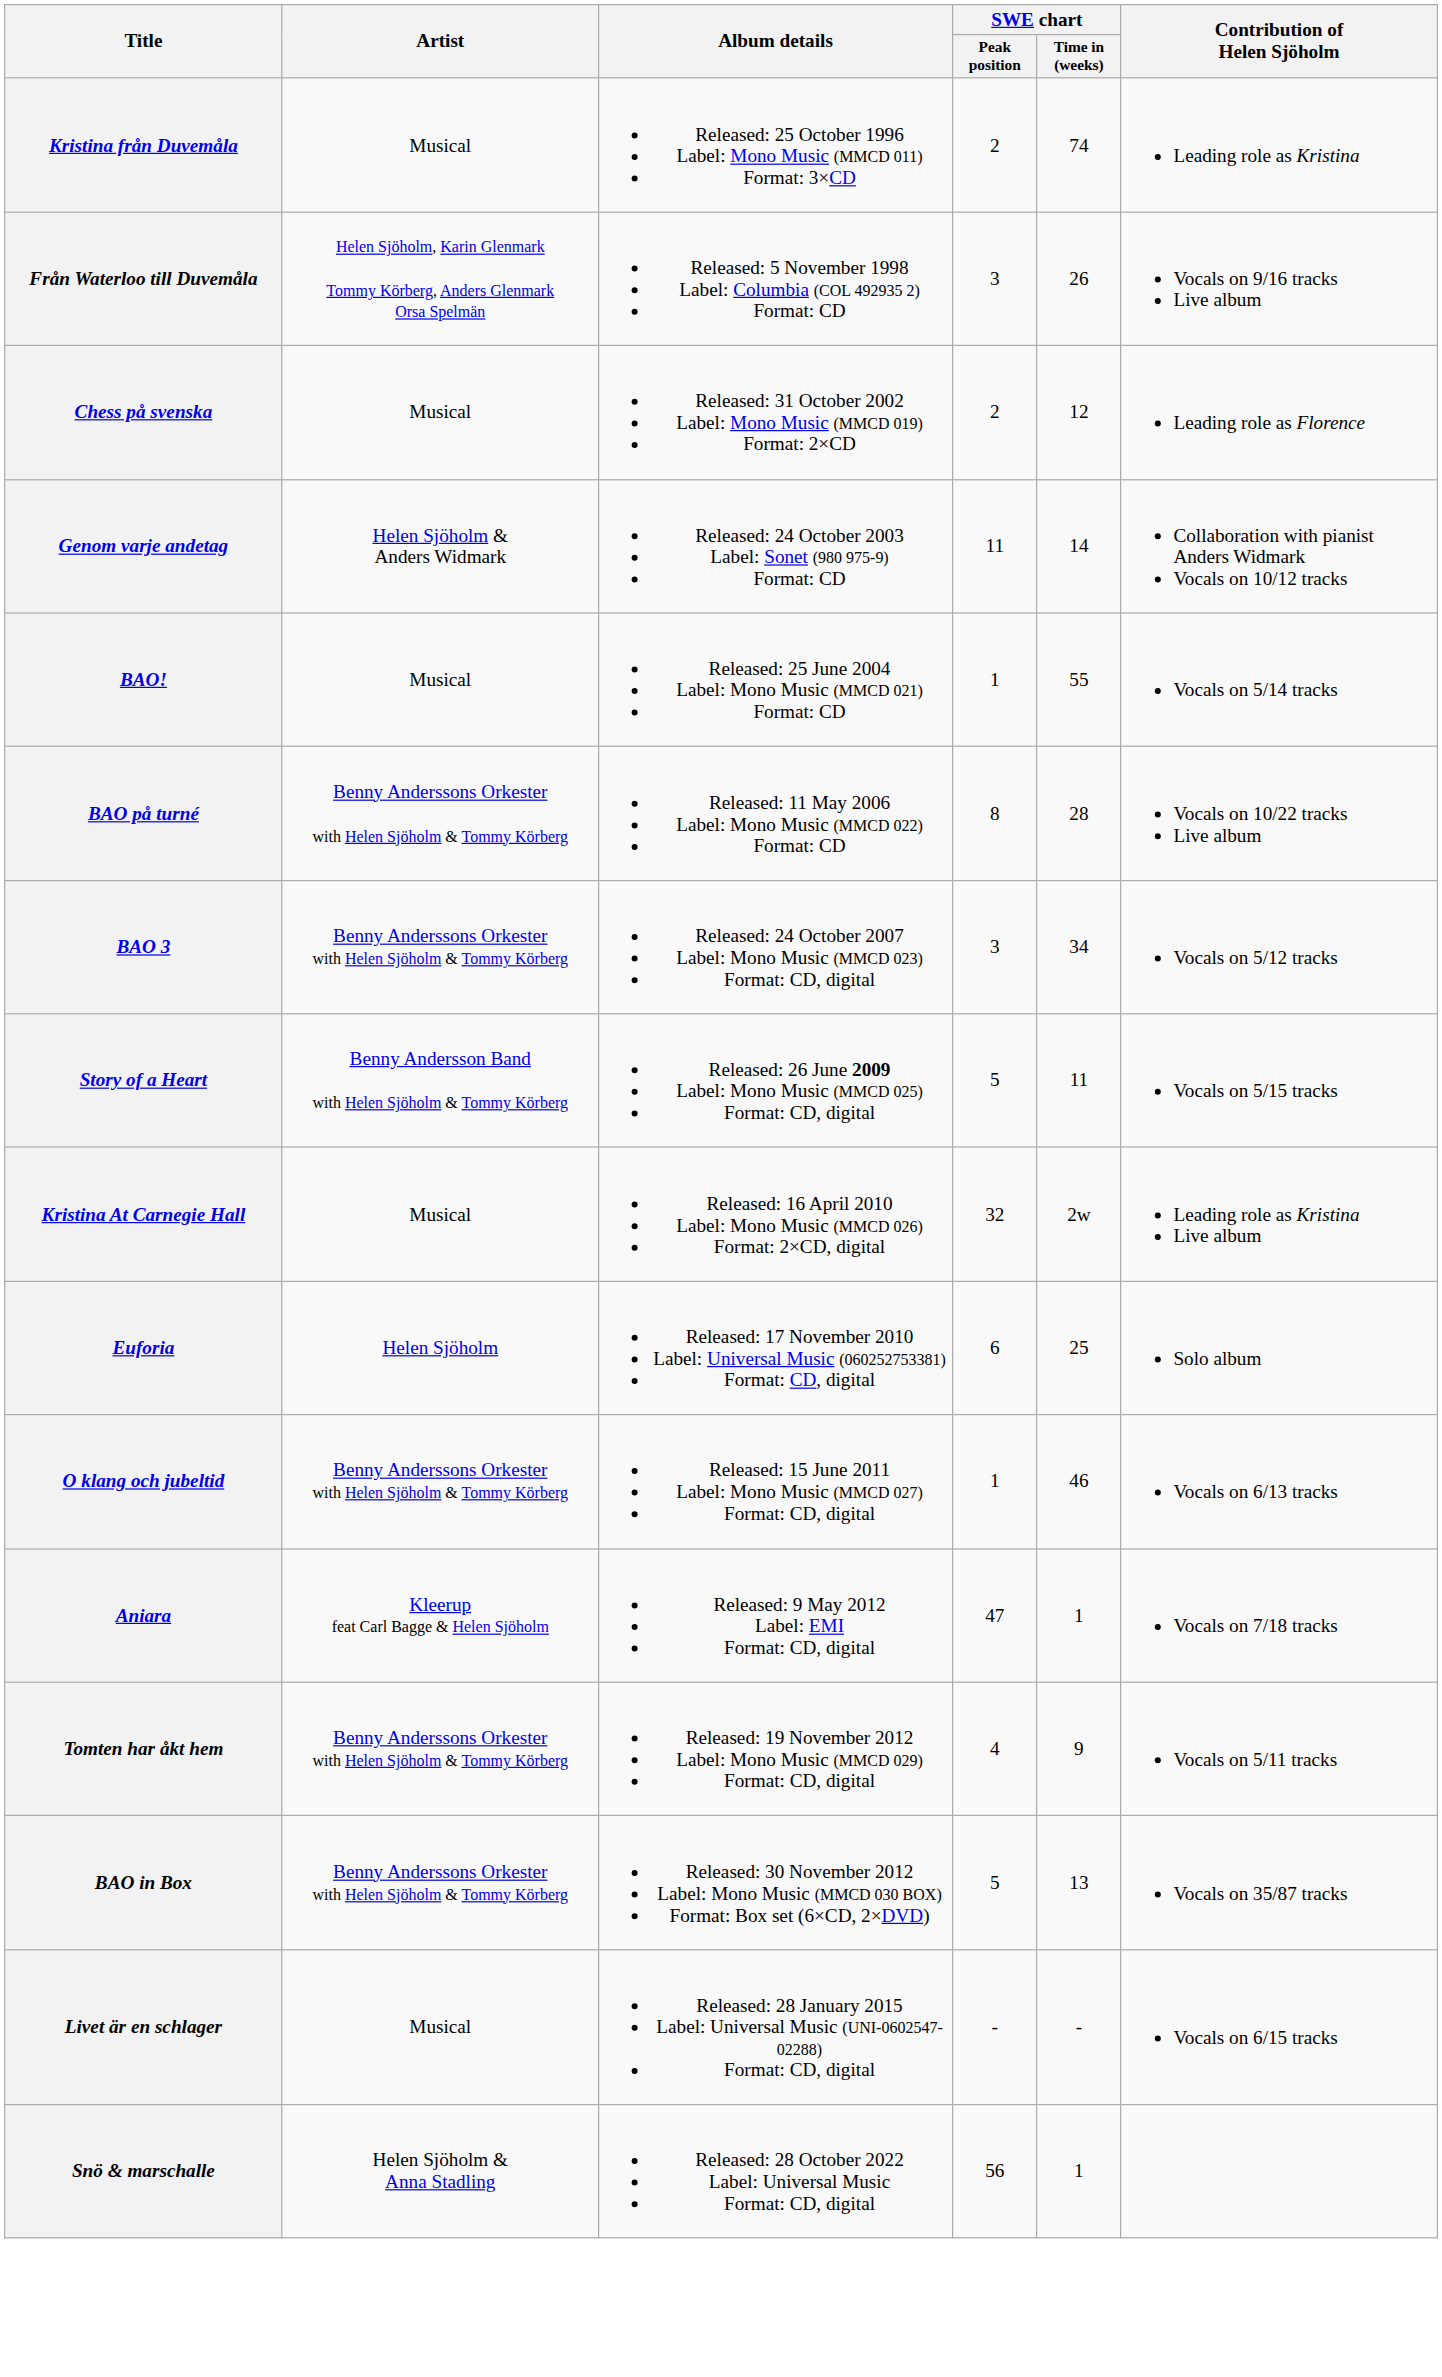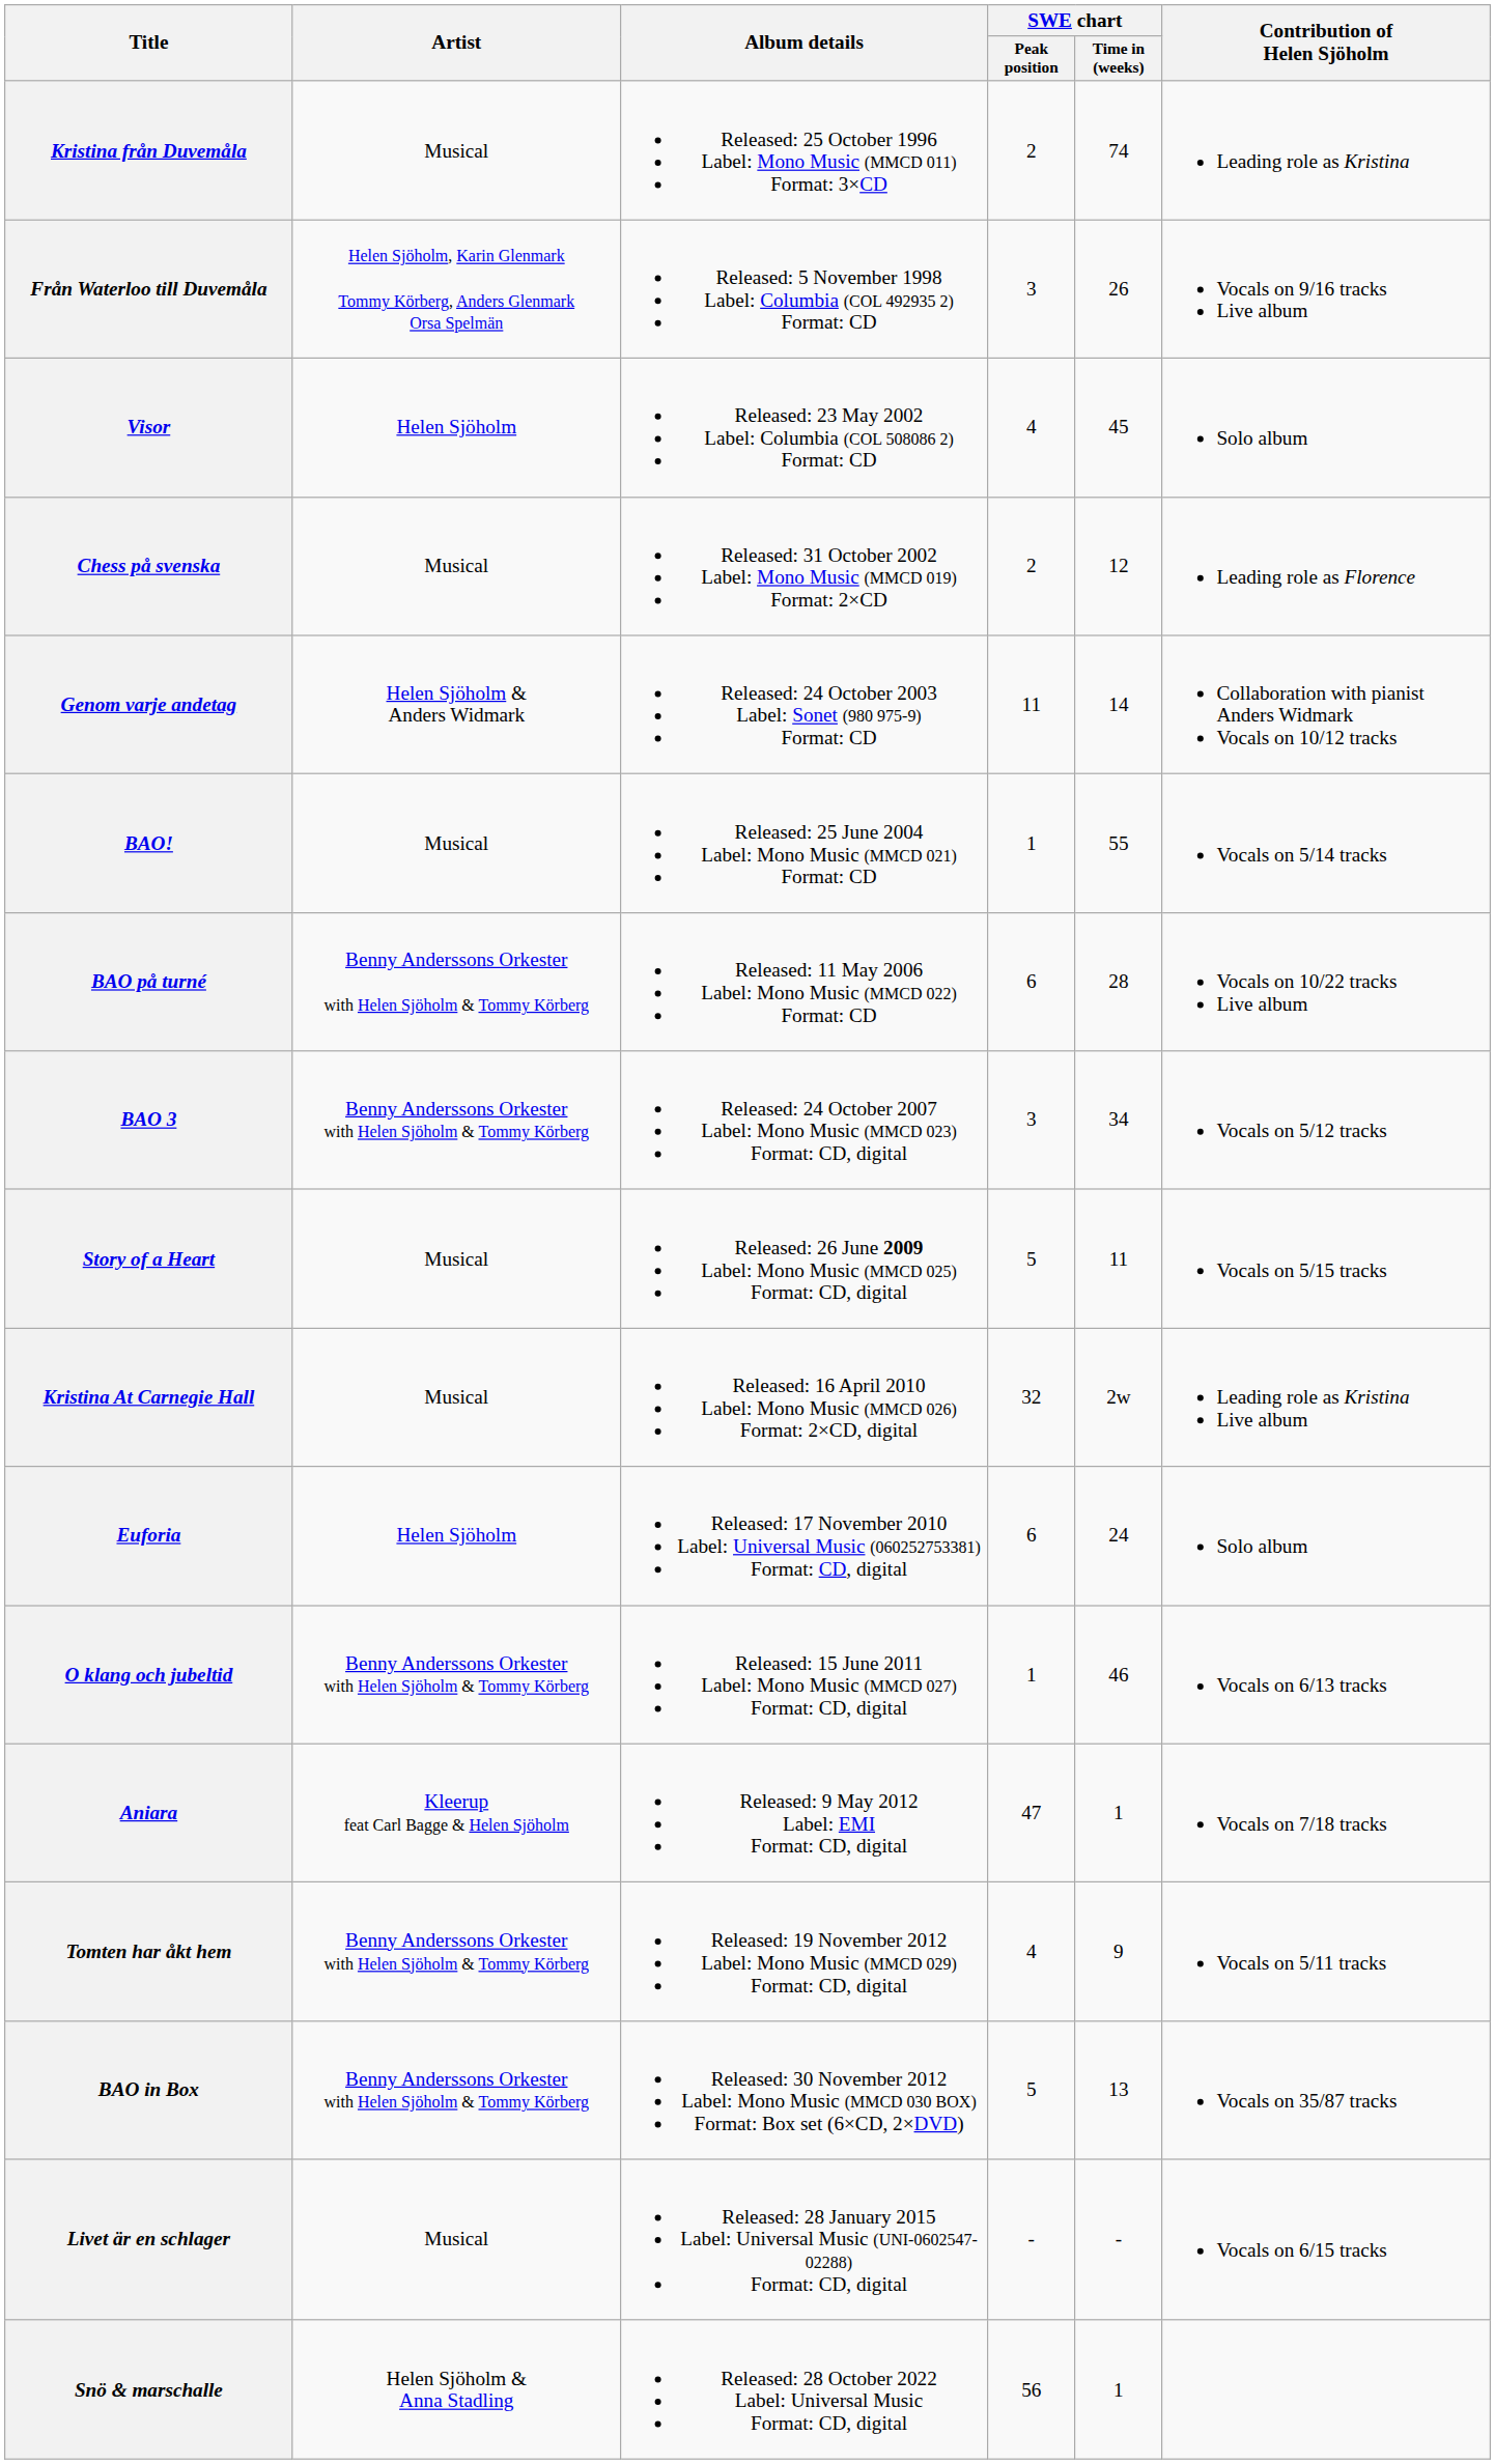 <table class="wikitable plainrowheaders" style="text-align:center;" border="1">
 <tr>
 <th scope="col" rowspan="2" style="width:14em;">Title</th>
 <th scope="col" rowspan="2" style="width:16em;">Artist</th>
 <th scope="col" rowspan="2" style="width:18em;">Album details</th>
 <th scope="col" colspan="2"><a href='#'>SWE</a> chart</th>
 <th scope="col" rowspan="2" style="width:16em;">Contribution of<br>Helen Sjöholm</th>
 </tr>
 <tr>
 <th scope="col" style="width:5em;font-size:80%;">Peak position</th>
 <th scope="col" style="width:5em;font-size:80%;">Time in<br>(weeks)</th>
 </tr>
 <tr>
 <th scope="row"><em><a href='#'>Kristina från Duvemåla</a></em></th>
 <td>Musical</td>
 <td><br><ul><li>Released: 25 October 1996</li><li>Label: <a href='#'>Mono Music</a> <small>(MMCD 011)</small></li><li>Format: 3×<a href='#'>CD</a></li></ul></td>
 <td>2</td>
 <td>74</td>
 <td style="text-align:left;"><br><ul><li>Leading role as <em>Kristina</em></li></ul></td>
 </tr>
 <tr>
 <th scope="row"><em>Från Waterloo till Duvemåla</em></th>
 <td><small><a href='#'>Helen Sjöholm</a>, <a href='#'>Karin Glenmark</a></small><br><br><small><a href='#'>Tommy Körberg</a>, <a href='#'>Anders Glenmark</a></small><br> <small><a href='#'>Orsa Spelmän</a></small></td>
 <td><br><ul><li>Released: 5 November 1998</li><li>Label: <a href='#'>Columbia</a> <small>(COL 492935 2)</small></li><li>Format: CD</li></ul></td>
 <td>3</td>
 <td>26</td>
 <td style="text-align:left;"><br><ul><li>Vocals on 9/16 tracks</li><li>Live album</li></ul></td>
 </tr>
 <tr>
+<th scope="row"><em><a href='#'>Visor</a></em></th>
+<td><a href='#'>Helen Sjöholm</a></td>
+<td><br><ul><li>Released: 23 May 2002</li><li>Label: Columbia <small>(COL 508086 2)</small></li><li>Format: CD</li></ul></td>
+<td>4</td>
+<td>45</td>
+<td style="text-align:left;"><br><ul><li>Solo album</li></ul></td>
+</tr>
+<tr>
 <th scope="row"><em><a href='#'>Chess på svenska</a></em></th>
 <td>Musical</td>
 <td><br><ul><li>Released: 31 October 2002</li><li>Label: <a href='#'>Mono Music</a> <small>(MMCD 019)</small></li><li>Format: 2×CD</li></ul></td>
 <td>2</td>
 <td>12</td>
 <td style="text-align:left;"><br><ul><li>Leading role as <em>Florence</em></li></ul></td>
 </tr>
 <tr>
 <th scope="row"><em><a href='#'>Genom varje andetag</a></em></th>
 <td><a href='#'>Helen Sjöholm</a> & <br> Anders Widmark</td>
 <td><br><ul><li>Released: 24 October 2003</li><li>Label: <a href='#'>Sonet</a> <small>(980 975-9)</small></li><li>Format: CD</li></ul></td>
 <td>11</td>
 <td>14</td>
 <td style="text-align:left;"><br><ul><li>Collaboration with pianist Anders Widmark</li><li>Vocals on 10/12 tracks</li></ul></td>
 </tr>
 <tr>
 <th scope="row"><em><a href='#'>BAO!</a></em></th>
 <td>Musical</td>
 <td><br><ul><li>Released: 25 June 2004</li><li>Label: Mono Music <small>(MMCD 021)</small></li><li>Format: CD</li></ul></td>
 <td>1</td>
 <td>55</td>
 <td style="text-align:left;"><br><ul><li>Vocals on 5/14 tracks</li></ul></td>
 </tr>
 <tr>
 <th scope="row"><em><a href='#'>BAO på turné</a></em></th>
 <td><a href='#'>Benny Anderssons Orkester</a><br><br><small>with <a href='#'>Helen Sjöholm</a> & <a href='#'>Tommy Körberg</a></small></td>
 <td><br><ul><li>Released: 11 May 2006</li><li>Label: Mono Music <small>(MMCD 022)</small></li><li>Format: CD</li></ul></td>
-<td>8</td>
+<td>6</td>
 <td>28</td>
 <td style="text-align:left;"><br><ul><li>Vocals on 10/22 tracks</li><li>Live album</li></ul></td>
 </tr>
 <tr>
 <th scope="row"><em><a href='#'>BAO 3</a></em></th>
 <td><a href='#'>Benny Anderssons Orkester</a><br><small>with <a href='#'>Helen Sjöholm</a> & <a href='#'>Tommy Körberg</a></small></td>
 <td><br><ul><li>Released: 24 October 2007</li><li>Label: Mono Music <small>(MMCD 023)</small></li><li>Format: CD, digital</li></ul></td>
 <td>3</td>
 <td>34</td>
 <td style="text-align:left;"><br><ul><li>Vocals on 5/12 tracks</li></ul></td>
 </tr>
 <tr>
 <th scope="row"><em><a href='#'>Story of a Heart</a></em></th>
-<td><a href='#'>Benny Andersson Band</a><br><br><small>with <a href='#'>Helen Sjöholm</a> & <a href='#'>Tommy Körberg</a></small></td>
+<td>Musical</td>
 <td><br><ul><li>Released: 26 June <strong>2009</strong></li><li>Label: Mono Music <small>(MMCD 025)</small></li><li>Format: CD, digital</li></ul></td>
 <td>5</td>
 <td>11</td>
 <td style="text-align:left;"><br><ul><li>Vocals on 5/15 tracks</li></ul></td>
 </tr>
 <tr>
 <th scope="row"><em><a href='#'>Kristina At Carnegie Hall</a></em></th>
 <td>Musical</td>
 <td><br><ul><li>Released: 16 April 2010</li><li>Label: Mono Music <small>(MMCD 026)</small></li><li>Format: 2×CD, digital</li></ul></td>
 <td>32</td>
 <td>2w</td>
 <td style="text-align:left;"><br><ul><li>Leading role as <em>Kristina</em></li><li>Live album</li></ul></td>
 </tr>
 <tr>
 <th scope="row"><em><a href='#'>Euforia</a></em></th>
 <td><a href='#'>Helen Sjöholm</a></td>
 <td><br><ul><li>Released: 17 November 2010</li><li>Label: <a href='#'>Universal Music</a> <small>(060252753381)</small></li><li>Format: <a href='#'>CD</a>, digital</li></ul></td>
 <td>6</td>
-<td>25</td>
+<td>24</td>
 <td style="text-align:left;"><br><ul><li>Solo album</li></ul></td>
 </tr>
 <tr>
 <th scope="row"><em><a href='#'>O klang och jubeltid</a></em></th>
 <td><a href='#'>Benny Anderssons Orkester</a><br><small>with <a href='#'>Helen Sjöholm</a> & <a href='#'>Tommy Körberg</a></small></td>
 <td><br><ul><li>Released: 15 June 2011</li><li>Label: Mono Music <small>(MMCD 027)</small></li><li>Format: CD, digital</li></ul></td>
 <td>1</td>
 <td>46</td>
 <td style="text-align:left;"><br><ul><li>Vocals on 6/13 tracks</li></ul></td>
 </tr>
 <tr>
 <th scope="row"><em><a href='#'>Aniara</a></em></th>
 <td><a href='#'>Kleerup</a><br><small>feat Carl Bagge & <a href='#'>Helen Sjöholm</a></small></td>
 <td><br><ul><li>Released: 9 May 2012</li><li>Label: <a href='#'>EMI</a></li><li>Format: CD, digital</li></ul></td>
 <td>47</td>
 <td>1</td>
 <td style="text-align:left;"><br><ul><li>Vocals on 7/18 tracks</li></ul></td>
 </tr>
 <tr>
 <th scope="row"><em>Tomten har åkt hem</em></th>
 <td><a href='#'>Benny Anderssons Orkester</a><br><small>with <a href='#'>Helen Sjöholm</a> & <a href='#'>Tommy Körberg</a></small></td>
 <td><br><ul><li>Released: 19 November 2012</li><li>Label: Mono Music <small>(MMCD 029)</small></li><li>Format: CD, digital</li></ul></td>
 <td>4</td>
 <td>9</td>
 <td style="text-align:left;"><br><ul><li>Vocals on 5/11 tracks</li></ul></td>
 </tr>
 <tr>
 <th scope="row"><em>BAO in Box</em></th>
 <td><a href='#'>Benny Anderssons Orkester</a><br><small>with <a href='#'>Helen Sjöholm</a> & <a href='#'>Tommy Körberg</a></small></td>
 <td><br><ul><li>Released: 30 November 2012</li><li>Label: Mono Music <small>(MMCD 030 BOX)</small></li><li>Format: Box set (6×CD, 2×<a href='#'>DVD</a>)</li></ul></td>
 <td>5</td>
 <td>13</td>
 <td style="text-align:left;"><br><ul><li>Vocals on 35/87 tracks</li></ul></td>
 </tr>
 <tr>
 <th scope="row"><em>Livet är en schlager</em></th>
 <td>Musical</td>
 <td><br><ul><li>Released: 28 January 2015</li><li>Label: Universal Music <small>(UNI-0602547-02288)</small></li><li>Format: CD, digital</li></ul></td>
 <td>-</td>
 <td>-</td>
 <td style="text-align:left;"><br><ul><li>Vocals on 6/15 tracks</li></ul></td>
 </tr>
 <tr>
 <th scope="row"><em>Snö & marschalle</em></th>
 <td>Helen Sjöholm &<br> <a href='#'>Anna Stadling</a></td>
 <td><br><ul><li>Released: 28 October 2022</li><li>Label: Universal Music</li><li>Format: CD, digital</li></ul></td>
 <td>56<br></td>
 <td>1</td>
 <td style="text-align:left;"></td>
 </tr>
 </table>
